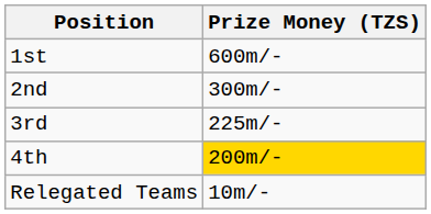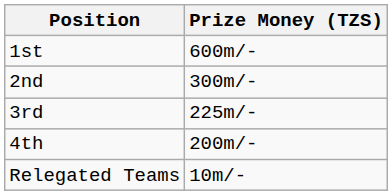 <table class="wikitable">
 <tr>
 <th>Position</th>
 <th>Prize Money (TZS)</th>
 </tr>
 <tr>
 <td>1st</td>
 <td>600m/-</td>
 </tr>
 <tr>
 <td>2nd</td>
 <td>300m/-</td>
 </tr>
 <tr>
 <td>3rd</td>
 <td>225m/-</td>
 </tr>
 <tr>
 <td>4th</td>
-<td style="background: gold;">200m/-</td>
+<td>200m/-</td>
 </tr>
 <tr>
 <td>Relegated Teams</td>
 <td>10m/-</td>
 </tr>
 </table>
